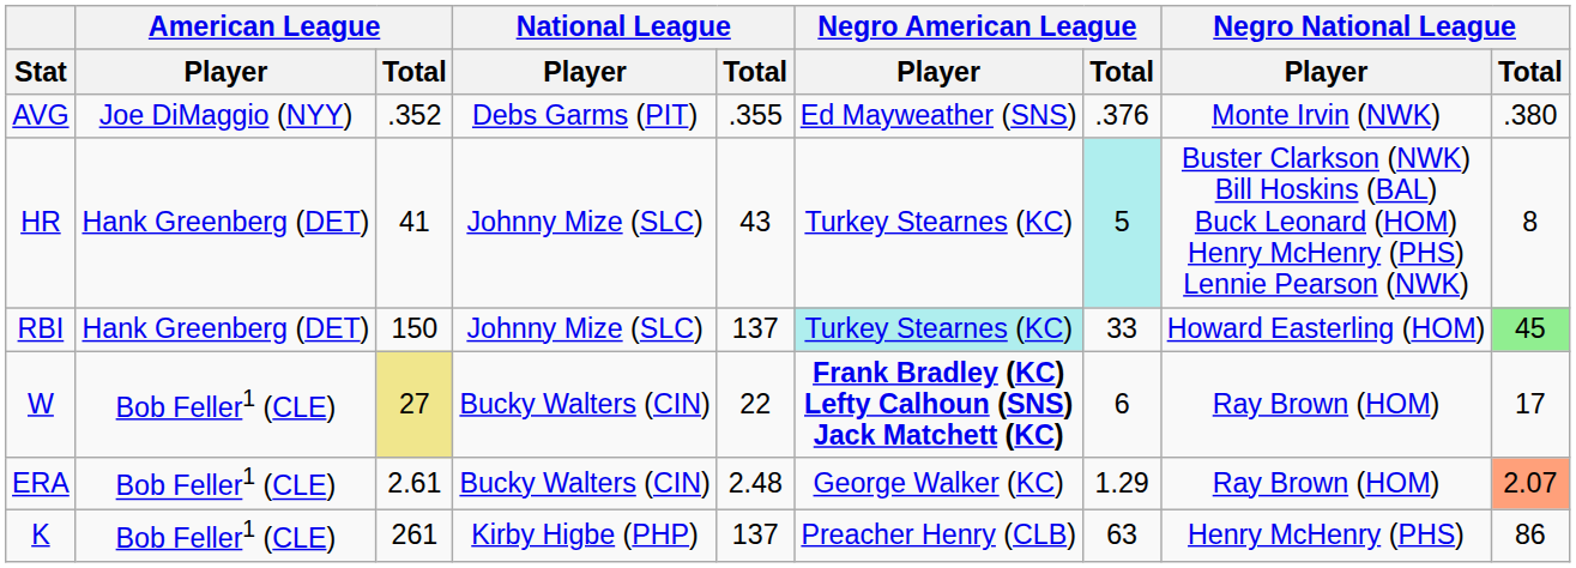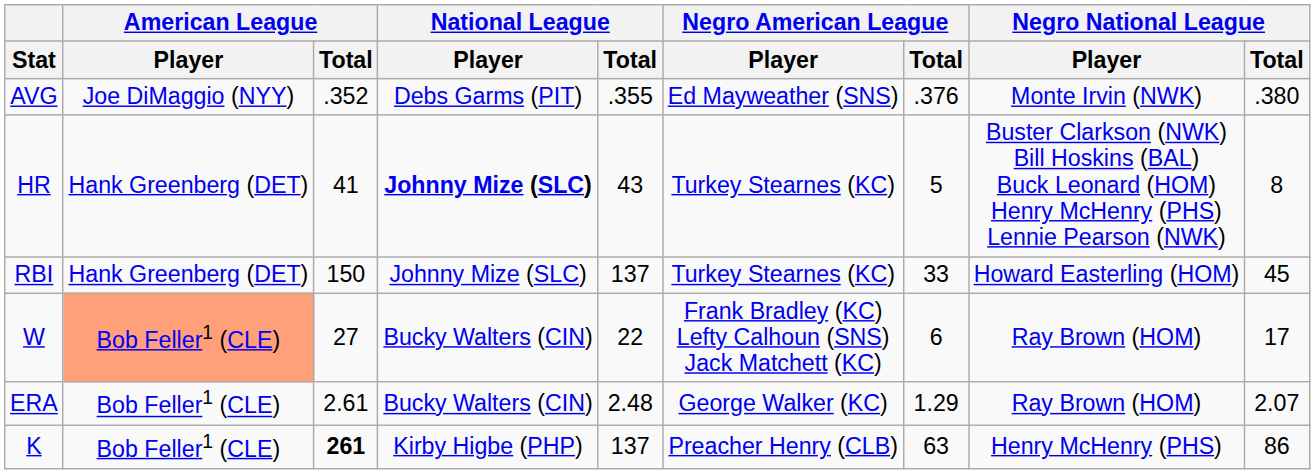 <table class="wikitable" style="text-align:center;">
 <tr>
 <th></th>
 <th colspan="2"><a href='#'>American League</a></th>
 <th colspan="2"><a href='#'>National League</a></th>
 <th colspan="2"><a href='#'>Negro American League</a></th>
 <th colspan="2"><a href='#'>Negro National League</a></th>
 </tr>
 <tr>
 <th>Stat</th>
 <th>Player</th>
 <th>Total</th>
 <th>Player</th>
 <th>Total</th>
 <th>Player</th>
 <th>Total</th>
 <th>Player</th>
 <th>Total</th>
 </tr>
 <tr>
 <td><a href='#'>AVG</a></td>
 <td><a href='#'>Joe DiMaggio</a> (<a href='#'>NYY</a>)</td>
 <td>.352</td>
 <td><a href='#'>Debs Garms</a> (<a href='#'>PIT</a>)</td>
 <td>.355</td>
 <td><a href='#'>Ed Mayweather</a> (<a href='#'>SNS</a>)</td>
 <td>.376</td>
 <td><a href='#'>Monte Irvin</a> (<a href='#'>NWK</a>)</td>
 <td>.380</td>
 </tr>
 <tr>
 <td><a href='#'>HR</a></td>
 <td><a href='#'>Hank Greenberg</a> (<a href='#'>DET</a>)</td>
 <td>41</td>
-<td><a href='#'>Johnny Mize</a> (<a href='#'>SLC</a>)</td>
+<td><strong><a href='#'>Johnny Mize</a> (<a href='#'>SLC</a>)</strong></td>
 <td>43</td>
 <td><a href='#'>Turkey Stearnes</a> (<a href='#'>KC</a>)</td>
-<td style="background: paleturquoise;">5</td>
+<td>5</td>
 <td><a href='#'>Buster Clarkson</a> (<a href='#'>NWK</a>)<br><a href='#'>Bill Hoskins</a> (<a href='#'>BAL</a>)<br><a href='#'>Buck Leonard</a> (<a href='#'>HOM</a>)<br><a href='#'>Henry McHenry</a> (<a href='#'>PHS</a>)<br><a href='#'>Lennie Pearson</a> (<a href='#'>NWK</a>)</td>
 <td>8</td>
 </tr>
 <tr>
 <td><a href='#'>RBI</a></td>
 <td><a href='#'>Hank Greenberg</a> (<a href='#'>DET</a>)</td>
 <td>150</td>
 <td><a href='#'>Johnny Mize</a> (<a href='#'>SLC</a>)</td>
 <td>137</td>
-<td style="background: paleturquoise;"><a href='#'>Turkey Stearnes</a> (<a href='#'>KC</a>)</td>
+<td><a href='#'>Turkey Stearnes</a> (<a href='#'>KC</a>)</td>
 <td>33</td>
 <td><a href='#'>Howard Easterling</a> (<a href='#'>HOM</a>)</td>
-<td style="background: lightgreen;">45</td>
+<td>45</td>
 </tr>
 <tr>
 <td><a href='#'>W</a></td>
-<td><a href='#'>Bob Feller</a><sup>1</sup> (<a href='#'>CLE</a>)</td>
-<td style="background: khaki;">27</td>
+<td style="background: lightsalmon;"><a href='#'>Bob Feller</a><sup>1</sup> (<a href='#'>CLE</a>)</td>
+<td>27</td>
 <td><a href='#'>Bucky Walters</a> (<a href='#'>CIN</a>)</td>
 <td>22</td>
-<td><strong><a href='#'>Frank Bradley</a> (<a href='#'>KC</a>)<br><a href='#'>Lefty Calhoun</a> (<a href='#'>SNS</a>)<br><a href='#'>Jack Matchett</a> (<a href='#'>KC</a>)</strong></td>
+<td><a href='#'>Frank Bradley</a> (<a href='#'>KC</a>)<br><a href='#'>Lefty Calhoun</a> (<a href='#'>SNS</a>)<br><a href='#'>Jack Matchett</a> (<a href='#'>KC</a>)</td>
 <td>6</td>
 <td><a href='#'>Ray Brown</a> (<a href='#'>HOM</a>)</td>
 <td>17</td>
 </tr>
 <tr>
 <td><a href='#'>ERA</a></td>
 <td><a href='#'>Bob Feller</a><sup>1</sup> (<a href='#'>CLE</a>)</td>
 <td>2.61</td>
 <td><a href='#'>Bucky Walters</a> (<a href='#'>CIN</a>)</td>
 <td>2.48</td>
 <td><a href='#'>George Walker</a> (<a href='#'>KC</a>)</td>
 <td>1.29</td>
 <td><a href='#'>Ray Brown</a> (<a href='#'>HOM</a>)</td>
-<td style="background: lightsalmon;">2.07</td>
+<td>2.07</td>
 </tr>
 <tr>
 <td><a href='#'>K</a></td>
 <td><a href='#'>Bob Feller</a><sup>1</sup> (<a href='#'>CLE</a>)</td>
-<td>261</td>
+<td><strong>261</strong></td>
 <td><a href='#'>Kirby Higbe</a> (<a href='#'>PHP</a>)</td>
 <td>137</td>
 <td><a href='#'>Preacher Henry</a> (<a href='#'>CLB</a>)</td>
 <td>63</td>
 <td><a href='#'>Henry McHenry</a> (<a href='#'>PHS</a>)</td>
 <td>86</td>
 </tr>
 </table>
